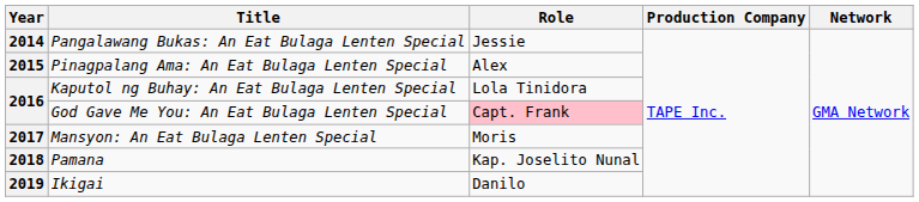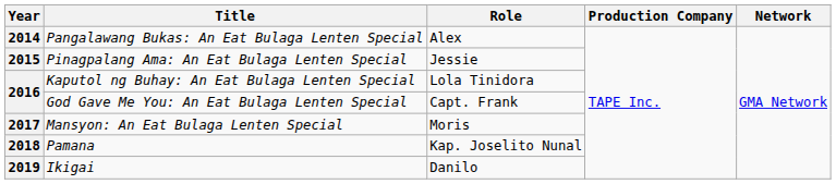 <table class="wikitable sortable plainrowheaders">
 <tr>
 <th scope="col">Year</th>
 <th scope="col">Title</th>
 <th scope="col">Role</th>
 <th scope="col">Production Company</th>
 <th scope="col">Network</th>
 </tr>
 <tr>
 <th scope="row">2014</th>
 <td><em>Pangalawang Bukas: An Eat Bulaga Lenten Special</em></td>
-<td>Jessie</td>
+<td>Alex</td>
 <td rowspan="7"><a href='#'>TAPE Inc.</a></td>
 <td rowspan="7"><a href='#'>GMA Network</a></td>
 </tr>
 <tr>
 <th scope="row">2015</th>
 <td><em>Pinagpalang Ama: An Eat Bulaga Lenten Special</em></td>
-<td>Alex</td>
+<td>Jessie</td>
 </tr>
 <tr>
 <th scope="row" rowspan="2">2016</th>
 <td><em>Kaputol ng Buhay: An Eat Bulaga Lenten Special</em></td>
 <td>Lola Tinidora</td>
 </tr>
 <tr>
 <td><em>God Gave Me You: An Eat Bulaga Lenten Special</em></td>
-<td style="background: pink;">Capt. Frank</td>
+<td>Capt. Frank</td>
 </tr>
 <tr>
 <th scope="row">2017</th>
 <td><em>Mansyon: An Eat Bulaga Lenten Special</em></td>
 <td>Moris</td>
 </tr>
 <tr>
 <th scope="row">2018</th>
 <td><em>Pamana</em></td>
 <td>Kap. Joselito Nunal</td>
 </tr>
 <tr>
 <th scope="row">2019</th>
 <td><em>Ikigai</em></td>
 <td>Danilo</td>
 </tr>
 </table>
